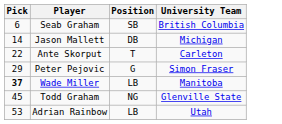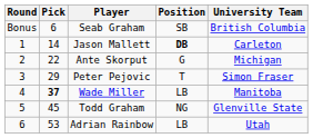 <table class="wikitable" style="font-size: 95%;">
 <tr>
+<th scope="col">Round</th>
 <th scope="col">Pick</th>
 <th scope="col">Player</th>
 <th scope="col">Position</th>
 <th scope="col">University Team</th>
 </tr>
 <tr align="center">
+<td align=center>Bonus</td>
 <td>6</td>
 <td>Seab Graham</td>
 <td>SB</td>
 <td><a href='#'>British Columbia</a></td>
 </tr>
 <tr align="center">
+<td align=center>1</td>
 <td>14</td>
 <td>Jason Mallett</td>
-<td>DB</td>
+<td><strong>DB</strong></td>
+<td><a href='#'>Carleton</a></td>
+</tr>
+<tr align="center">
+<td align=center>2</td>
+<td>22</td>
+<td>Ante Skorput</td>
+<td>G</td>
 <td><a href='#'>Michigan</a></td>
 </tr>
 <tr align="center">
-<td>22</td>
-<td>Ante Skorput</td>
-<td>T</td>
-<td><a href='#'>Carleton</a></td>
-</tr>
-<tr align="center">
+<td align=center>3</td>
 <td>29</td>
 <td>Peter Pejovic</td>
-<td>G</td>
+<td>T</td>
 <td><a href='#'>Simon Fraser</a></td>
 </tr>
 <tr align="center">
+<td align=center>4</td>
 <td><strong>37</strong></td>
 <td><a href='#'>Wade Miller</a></td>
 <td>LB</td>
 <td><a href='#'>Manitoba</a></td>
 </tr>
 <tr align="center">
+<td align=center>5</td>
 <td>45</td>
 <td>Todd Graham</td>
 <td>NG</td>
 <td><a href='#'>Glenville State</a></td>
 </tr>
 <tr align="center">
+<td align=center>6</td>
 <td>53</td>
 <td>Adrian Rainbow</td>
 <td>LB</td>
 <td><a href='#'>Utah</a></td>
 </tr>
 </table>
